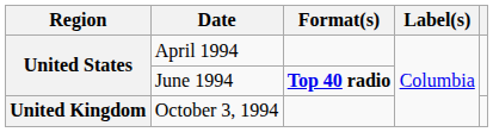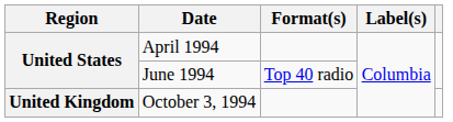 <table class="wikitable plainrowheaders">
 <tr>
 <th scope="col">Region</th>
 <th scope="col">Date</th>
 <th scope="col">Format(s)</th>
 <th scope="col">Label(s)</th>
 <th scope="col"></th>
 </tr>
 <tr>
 <th scope="row" rowspan="2">United States</th>
 <td>April 1994</td>
 <td></td>
 <td rowspan="3"><a href='#'>Columbia</a></td>
 <td rowspan="2"></td>
 </tr>
 <tr>
 <td>June 1994</td>
-<td><strong><a href='#'>Top 40</a> radio</strong></td>
+<td><a href='#'>Top 40</a> radio</td>
 </tr>
 <tr>
 <th scope="row">United Kingdom</th>
 <td>October 3, 1994</td>
 <td></td>
 <td></td>
 </tr>
 </table>
